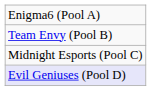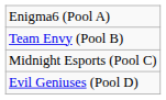 <table class="wikitable" style="display: inline-table; margin-left: 25px;">
 <tr>
 <td>Enigma6 (Pool A)</td>
 </tr>
 <tr>
 <td><a href='#'>Team Envy</a> (Pool B)</td>
 </tr>
 <tr>
 <td>Midnight Esports (Pool C)</td>
 </tr>
 <tr>
-<td style="background: lavender;"><a href='#'>Evil Geniuses</a> (Pool D)</td>
+<td><a href='#'>Evil Geniuses</a> (Pool D)</td>
 </tr>
 </table>
